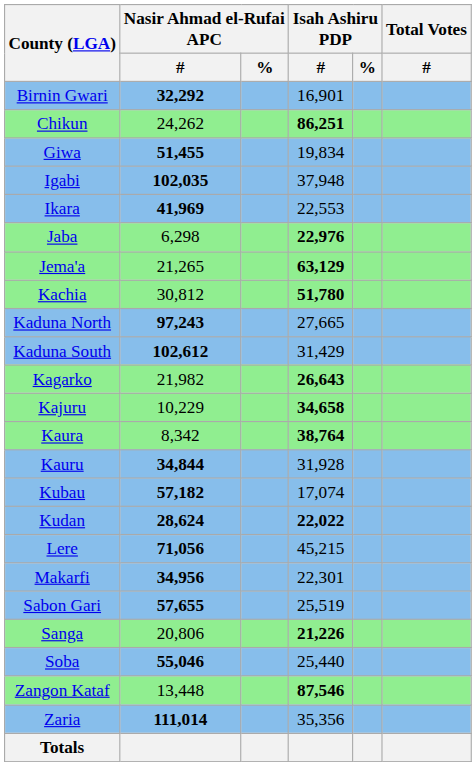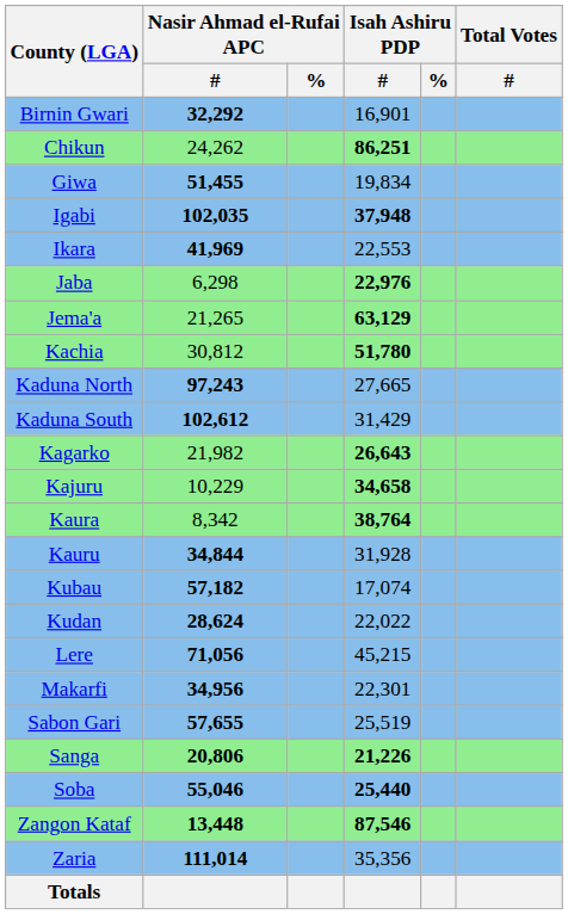 <table class="wikitable sortable" style=" font-size: 95%">
 <tr>
 <th rowspan="2">County (<a href='#'>LGA</a>)</th>
 <th colspan="2">Nasir Ahmad el-Rufai<br>APC</th>
 <th colspan="2">Isah Ashiru<br>PDP</th>
 <th>Total Votes</th>
 </tr>
 <tr>
 <th>#</th>
 <th>%</th>
 <th>#</th>
 <th>%</th>
 <th>#</th>
 </tr>
 <tr>
 <td bgcolor=#87BEEB align="center"><a href='#'>Birnin Gwari</a></td>
 <td bgcolor=#87BEEB align="center"><strong>32,292</strong></td>
 <td bgcolor=#87BEEB align="center"></td>
 <td bgcolor=#87BEEB align="center">16,901</td>
 <td bgcolor=#87BEEB align="center"></td>
 <td bgcolor=#87BEEB align="center"></td>
 </tr>
 <tr>
 <td bgcolor=#90EE90 align="center"><a href='#'>Chikun</a></td>
 <td bgcolor=#90EE90 align="center">24,262</td>
 <td bgcolor=#90EE90 align="center"></td>
 <td bgcolor=#90EE90 align="center"><strong>86,251</strong></td>
 <td bgcolor=#90EE90 align="center"></td>
 <td bgcolor=#90EE90 align="center"></td>
 </tr>
 <tr>
 <td bgcolor=#87BEEB align="center"><a href='#'>Giwa</a></td>
 <td bgcolor=#87BEEB align="center"><strong>51,455</strong></td>
 <td bgcolor=#87BEEB align="center"></td>
 <td bgcolor=#87BEEB align="center">19,834</td>
 <td bgcolor=#87BEEB align="center"></td>
 <td bgcolor=#87BEEB align="center"></td>
 </tr>
 <tr>
 <td bgcolor=#87BEEB align="center"><a href='#'>Igabi</a></td>
 <td bgcolor=#87BEEB align="center"><strong>102,035</strong></td>
 <td bgcolor=#87BEEB align="center"></td>
-<td bgcolor=#87BEEB align="center">37,948</td>
+<td bgcolor=#87BEEB align="center"><strong>37,948</strong></td>
 <td bgcolor=#87BEEB align="center"></td>
 <td bgcolor=#87BEEB align="center"></td>
 </tr>
 <tr>
 <td bgcolor=#87BEEB align="center"><a href='#'>Ikara</a></td>
 <td bgcolor=#87BEEB align="center"><strong>41,969</strong></td>
 <td bgcolor=#87BEEB align="center"></td>
 <td bgcolor=#87BEEB align="center">22,553</td>
 <td bgcolor=#87BEEB align="center"></td>
 <td bgcolor=#87BEEB align="center"></td>
 </tr>
 <tr>
 <td bgcolor=#90EE90 align="center"><a href='#'>Jaba</a></td>
 <td bgcolor=#90EE90 align="center">6,298</td>
 <td bgcolor=#90EE90 align="center"></td>
 <td bgcolor=#90EE90 align="center"><strong>22,976</strong></td>
 <td bgcolor=#90EE90 align="center"></td>
 <td bgcolor=#90EE90 align="center"></td>
 </tr>
 <tr>
 <td bgcolor=#90EE90 align="center"><a href='#'>Jema'a</a></td>
 <td bgcolor=#90EE90 align="center">21,265</td>
 <td bgcolor=#90EE90 align="center"></td>
 <td bgcolor=#90EE90 align="center"><strong>63,129</strong></td>
 <td bgcolor=#90EE90 align="center"></td>
 <td bgcolor=#90EE90 align="center"></td>
 </tr>
 <tr>
 <td bgcolor=#90EE90 align="center"><a href='#'>Kachia</a></td>
 <td bgcolor=#90EE90 align="center">30,812</td>
 <td bgcolor=#90EE90 align="center"></td>
 <td bgcolor=#90EE90 align="center"><strong>51,780</strong></td>
 <td bgcolor=#90EE90 align="center"></td>
 <td bgcolor=#90EE90 align="center"></td>
 </tr>
 <tr>
 <td bgcolor=#87BEEB align="center"><a href='#'>Kaduna North</a></td>
 <td bgcolor=#87BEEB align="center"><strong>97,243</strong></td>
 <td bgcolor=#87BEEB align="center"></td>
 <td bgcolor=#87BEEB align="center">27,665</td>
 <td bgcolor=#87BEEB align="center"></td>
 <td bgcolor=#87BEEB align="center"></td>
 </tr>
 <tr>
 <td bgcolor=#87BEEB align="center"><a href='#'>Kaduna South</a></td>
 <td bgcolor=#87BEEB align="center"><strong>102,612</strong></td>
 <td bgcolor=#87BEEB align="center"></td>
 <td bgcolor=#87BEEB align="center">31,429</td>
 <td bgcolor=#87BEEB align="center"></td>
 <td bgcolor=#87BEEB align="center"></td>
 </tr>
 <tr>
 <td bgcolor=#90EE90 align="center"><a href='#'>Kagarko</a></td>
 <td bgcolor=#90EE90 align="center">21,982</td>
 <td bgcolor=#90EE90 align="center"></td>
 <td bgcolor=#90EE90 align="center"><strong>26,643</strong></td>
 <td bgcolor=#90EE90 align="center"></td>
 <td bgcolor=#90EE90 align="center"></td>
 </tr>
 <tr>
 <td bgcolor=#90EE90 align="center"><a href='#'>Kajuru</a></td>
 <td bgcolor=#90EE90 align="center">10,229</td>
 <td bgcolor=#90EE90 align="center"></td>
 <td bgcolor=#90EE90 align="center"><strong>34,658</strong></td>
 <td bgcolor=#90EE90 align="center"></td>
 <td bgcolor=#90EE90 align="center"></td>
 </tr>
 <tr>
 <td bgcolor=#90EE90 align="center"><a href='#'>Kaura</a></td>
 <td bgcolor=#90EE90 align="center">8,342</td>
 <td bgcolor=#90EE90 align="center"></td>
 <td bgcolor=#90EE90 align="center"><strong>38,764</strong></td>
 <td bgcolor=#90EE90 align="center"></td>
 <td bgcolor=#90EE90 align="center"></td>
 </tr>
 <tr>
 <td bgcolor=#87BEEB align="center"><a href='#'>Kauru</a></td>
 <td bgcolor=#87BEEB align="center"><strong>34,844</strong></td>
 <td bgcolor=#87BEEB align="center"></td>
 <td bgcolor=#87BEEB align="center">31,928</td>
 <td bgcolor=#87BEEB align="center"></td>
 <td bgcolor=#87BEEB align="center"></td>
 </tr>
 <tr>
 <td bgcolor=#87BEEB align="center"><a href='#'>Kubau</a></td>
 <td bgcolor=#87BEEB align="center"><strong>57,182</strong></td>
 <td bgcolor=#87BEEB align="center"></td>
 <td bgcolor=#87BEEB align="center">17,074</td>
 <td bgcolor=#87BEEB align="center"></td>
 <td bgcolor=#87BEEB align="center"></td>
 </tr>
 <tr>
 <td bgcolor=#87BEEB align="center"><a href='#'>Kudan</a></td>
 <td bgcolor=#87BEEB align="center"><strong>28,624</strong></td>
 <td bgcolor=#87BEEB align="center"></td>
-<td bgcolor=#87BEEB align="center"><strong>22,022</strong></td>
+<td bgcolor=#87BEEB align="center">22,022</td>
 <td bgcolor=#87BEEB align="center"></td>
 <td bgcolor=#87BEEB align="center"></td>
 </tr>
 <tr>
 <td bgcolor=#87BEEB align="center"><a href='#'>Lere</a></td>
 <td bgcolor=#87BEEB align="center"><strong>71,056</strong></td>
 <td bgcolor=#87BEEB align="center"></td>
 <td bgcolor=#87BEEB align="center">45,215</td>
 <td bgcolor=#87BEEB align="center"></td>
 <td bgcolor=#87BEEB align="center"></td>
 </tr>
 <tr>
 <td bgcolor=#87BEEB align="center"><a href='#'>Makarfi</a></td>
 <td bgcolor=#87BEEB align="center"><strong>34,956</strong></td>
 <td bgcolor=#87BEEB align="center"></td>
 <td bgcolor=#87BEEB align="center">22,301</td>
 <td bgcolor=#87BEEB align="center"></td>
 <td bgcolor=#87BEEB align="center"></td>
 </tr>
 <tr>
 <td bgcolor=#87BEEB align="center"><a href='#'>Sabon Gari</a></td>
 <td bgcolor=#87BEEB align="center"><strong>57,655</strong></td>
 <td bgcolor=#87BEEB align="center"></td>
 <td bgcolor=#87BEEB align="center">25,519</td>
 <td bgcolor=#87BEEB align="center"></td>
 <td bgcolor=#87BEEB align="center"></td>
 </tr>
 <tr>
 <td bgcolor=#90EE90 align="center"><a href='#'>Sanga</a></td>
-<td bgcolor=#90EE90 align="center">20,806</td>
+<td bgcolor=#90EE90 align="center"><strong>20,806</strong></td>
 <td bgcolor=#90EE90 align="center"></td>
 <td bgcolor=#90EE90 align="center"><strong>21,226</strong></td>
 <td bgcolor=#90EE90 align="center"></td>
 <td bgcolor=#90EE90 align="center"></td>
 </tr>
 <tr>
 <td bgcolor=#87BEEB align="center"><a href='#'>Soba</a></td>
 <td bgcolor=#87BEEB align="center"><strong>55,046</strong></td>
 <td bgcolor=#87BEEB align="center"></td>
-<td bgcolor=#87BEEB align="center">25,440</td>
+<td bgcolor=#87BEEB align="center"><strong>25,440</strong></td>
 <td bgcolor=#87BEEB align="center"></td>
 <td bgcolor=#87BEEB align="center"></td>
 </tr>
 <tr>
 <td bgcolor=#90EE90 align="center"><a href='#'>Zangon Kataf</a></td>
-<td bgcolor=#90EE90 align="center">13,448</td>
+<td bgcolor=#90EE90 align="center"><strong>13,448</strong></td>
 <td bgcolor=#90EE90 align="center"></td>
 <td bgcolor=#90EE90 align="center"><strong>87,546</strong></td>
 <td bgcolor=#90EE90 align="center"></td>
 <td bgcolor=#90EE90 align="center"></td>
 </tr>
 <tr>
 <td bgcolor=#87BEEB align="center"><a href='#'>Zaria</a></td>
 <td bgcolor=#87BEEB align="center"><strong>111,014</strong></td>
 <td bgcolor=#87BEEB align="center"></td>
 <td bgcolor=#87BEEB align="center">35,356</td>
 <td bgcolor=#87BEEB align="center"></td>
 <td bgcolor=#87BEEB align="center"></td>
 </tr>
 <tr>
 <th>Totals</th>
 <th></th>
 <th></th>
 <th></th>
 <th></th>
 <th></th>
 </tr>
 </table>
